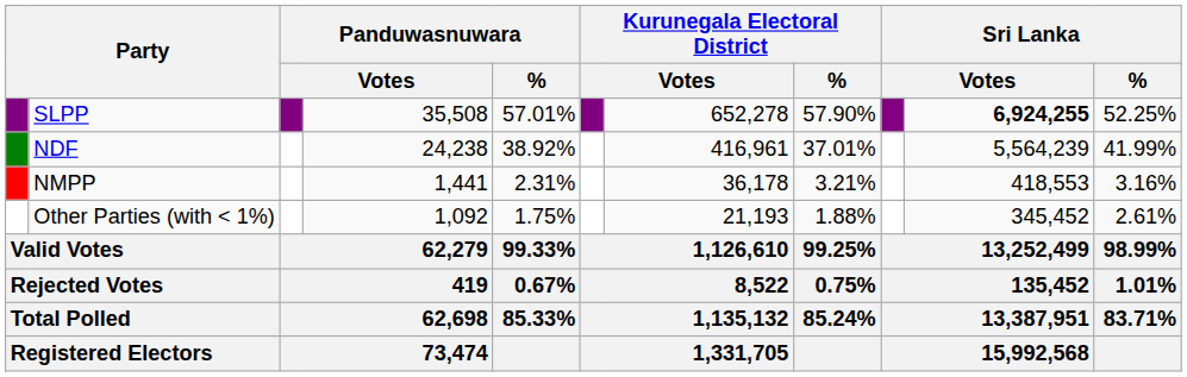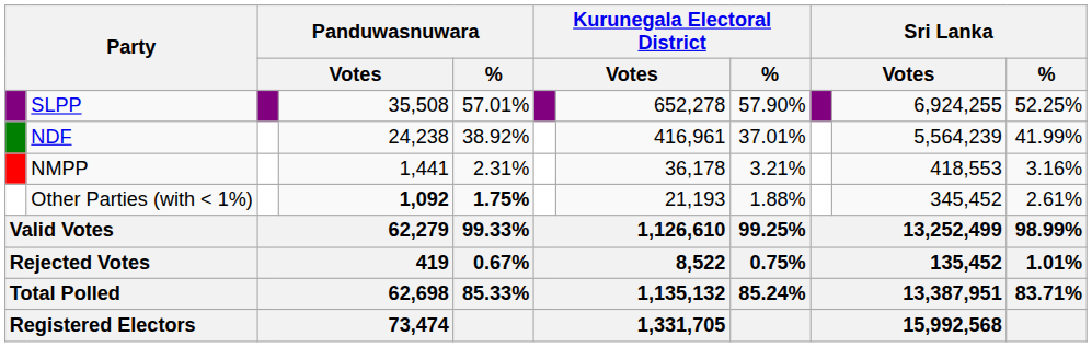 <table class="wikitable">
 <tr>
 <th colspan="2" width="144px"rowspan="2">Party</th>
 <th colspan="3" width="216px">Panduwasnuwara</th>
 <th colspan="3" width="216px"><a href='#'>Kurunegala Electoral District</a></th>
 <th colspan="3" width="216px">Sri Lanka</th>
 </tr>
 <tr>
 <th colspan="2" width="144px">Votes</th>
 <th>%</th>
 <th colspan="2" width="144px">Votes</th>
 <th>%</th>
 <th colspan="2" width="144px">Votes</th>
 <th>%</th>
 </tr>
 <tr>
 <td style="background-color:purple;" width="10px"></td>
 <td style="text-align:left;"><a href='#'>SLPP</a></td>
 <td style="background-color:purple;" width="10px"></td>
 <td style="text-align:right;">35,508</td>
 <td style="text-align:right;">57.01%</td>
 <td style="background-color:purple;" width="10px"></td>
 <td style="text-align:right;">652,278</td>
 <td style="text-align:right;">57.90%</td>
 <td style="background-color:purple;" width="10px"></td>
-<td style="text-align:right;"><strong>6,924,255</strong></td>
+<td style="text-align:right;">6,924,255</td>
 <td style="text-align:right;">52.25%</td>
 </tr>
 <tr>
 <td style="background-color:green;" width="10px"></td>
 <td style="text-align:left;"><a href='#'>NDF</a></td>
 <td style="background-color:white;" width="10px"></td>
 <td style="text-align:right;">24,238</td>
 <td style="text-align:right;">38.92%</td>
 <td style="background-color:white;" width="10px"></td>
 <td style="text-align:right;">416,961</td>
 <td style="text-align:right;">37.01%</td>
 <td style="background-color:white;" width="10px"></td>
 <td style="text-align:right;">5,564,239</td>
 <td style="text-align:right;">41.99%</td>
 </tr>
 <tr>
 <td style="background-color:red;" width="10px"></td>
 <td style="text-align:left;">NMPP</td>
 <td style="background-color:white;" width="10px"></td>
 <td style="text-align:right;">1,441</td>
 <td style="text-align:right;">2.31%</td>
 <td style="background-color:white;" width="10px"></td>
 <td style="text-align:right;">36,178</td>
 <td style="text-align:right;">3.21%</td>
 <td style="background-color:white;" width="10px"></td>
 <td style="text-align:right;">418,553</td>
 <td style="text-align:right;">3.16%</td>
 </tr>
 <tr>
 <td style="background-color:white;" width="10px"></td>
 <td style="text-align:left;">Other Parties (with < 1%)</td>
 <td style="background-color:white;" width="10px"></td>
-<td style="text-align:right;">1,092</td>
-<td style="text-align:right;">1.75%</td>
+<td style="text-align:right;"><strong>1,092</strong></td>
+<td style="text-align:right;"><strong>1.75%</strong></td>
 <td style="background-color:white;" width="10px"></td>
 <td style="text-align:right;">21,193</td>
 <td style="text-align:right;">1.88%</td>
 <td style="background-color:white;" width="10px"></td>
 <td style="text-align:right;">345,452</td>
 <td style="text-align:right;">2.61%</td>
 </tr>
 <tr>
 <th colspan="2" width="144px"style="text-align:left;">Valid Votes</th>
 <th style="text-align:right;"colspan="2" width="144px">62,279</th>
 <th style="text-align:right;">99.33%</th>
 <th style="text-align:right;"colspan="2" width="144px">1,126,610</th>
 <th style="text-align:right;">99.25%</th>
 <th style="text-align:right;"colspan="2" width="144px">13,252,499</th>
 <th style="text-align:right;">98.99%</th>
 </tr>
 <tr>
 <th colspan="2" width="144px"style="text-align:left;">Rejected Votes</th>
 <th style="text-align:right;"colspan="2" width="144px">419</th>
 <th style="text-align:right;">0.67%</th>
 <th style="text-align:right;"colspan="2" width="144px">8,522</th>
 <th style="text-align:right;">0.75%</th>
 <th style="text-align:right;"colspan="2" width="144px">135,452</th>
 <th style="text-align:right;">1.01%</th>
 </tr>
 <tr>
 <th colspan="2" width="144px"style="text-align:left;">Total Polled</th>
 <th style="text-align:right;"colspan="2" width="144px">62,698</th>
 <th style="text-align:right;">85.33%</th>
 <th style="text-align:right;"colspan="2" width="144px">1,135,132</th>
 <th style="text-align:right;">85.24%</th>
 <th style="text-align:right;"colspan="2" width="144px">13,387,951</th>
 <th style="text-align:right;">83.71%</th>
 </tr>
 <tr>
 <th colspan="2" width="144px"style="text-align:left;">Registered Electors</th>
 <th style="text-align:right;"colspan="2" width="144px">73,474</th>
 <th></th>
 <th style="text-align:right;"colspan="2" width="144px">1,331,705</th>
 <th></th>
 <th style="text-align:right;"colspan="2" width="144px">15,992,568</th>
 <th></th>
 </tr>
 </table>
